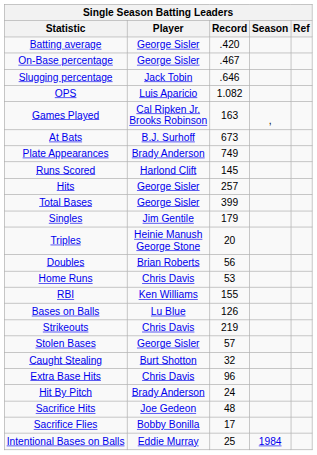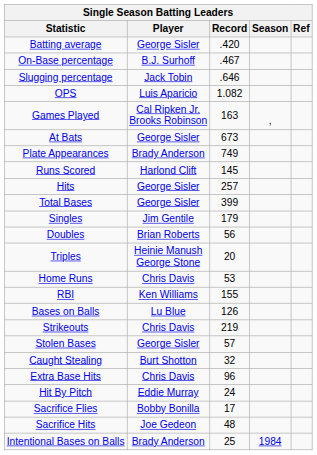 <table class="wikitable sortable" style="text-align:center">
 <tr>
 <th colspan=5>Single Season Batting Leaders</th>
 </tr>
 <tr>
 <th scope="col">Statistic</th>
 <th scope="col">Player</th>
 <th scope="col" class="unsortable">Record</th>
 <th scope="col">Season</th>
 <th scope="col" class="unsortable">Ref</th>
 </tr>
 <tr>
 <td><a href='#'>Batting average</a></td>
 <td><a href='#'>George Sisler</a></td>
 <td>.420</td>
 <td></td>
 <td></td>
 </tr>
 <tr>
 <td><a href='#'>On-Base percentage</a></td>
-<td><a href='#'>George Sisler</a></td>
+<td><a href='#'>B.J. Surhoff</a></td>
 <td>.467</td>
 <td></td>
 <td></td>
 </tr>
 <tr>
 <td><a href='#'>Slugging percentage</a></td>
 <td><a href='#'>Jack Tobin</a></td>
 <td>.646</td>
 <td></td>
 <td></td>
 </tr>
 <tr>
 <td><a href='#'>OPS</a></td>
 <td><a href='#'>Luis Aparicio</a></td>
 <td>1.082</td>
 <td></td>
 <td></td>
 </tr>
 <tr>
 <td><a href='#'>Games Played</a></td>
 <td><a href='#'>Cal Ripken Jr.</a><br><a href='#'>Brooks Robinson</a></td>
 <td>163</td>
 <td><br>, </td>
 <td><br></td>
 </tr>
 <tr>
 <td><a href='#'>At Bats</a></td>
-<td><a href='#'>B.J. Surhoff</a></td>
+<td><a href='#'>George Sisler</a></td>
 <td>673</td>
 <td></td>
 <td></td>
 </tr>
 <tr>
 <td><a href='#'>Plate Appearances</a></td>
 <td><a href='#'>Brady Anderson</a></td>
 <td>749</td>
 <td></td>
 <td></td>
 </tr>
 <tr>
 <td><a href='#'>Runs Scored</a></td>
 <td><a href='#'>Harlond Clift</a></td>
 <td>145</td>
 <td></td>
 <td></td>
 </tr>
 <tr>
 <td><a href='#'>Hits</a></td>
 <td><a href='#'>George Sisler</a></td>
 <td>257</td>
 <td></td>
 <td></td>
 </tr>
 <tr>
 <td><a href='#'>Total Bases</a></td>
 <td><a href='#'>George Sisler</a></td>
 <td>399</td>
 <td></td>
 <td></td>
 </tr>
 <tr>
 <td><a href='#'>Singles</a></td>
 <td><a href='#'>Jim Gentile</a></td>
 <td>179</td>
 <td></td>
 <td></td>
 </tr>
 <tr>
+<td><a href='#'>Doubles</a></td>
+<td><a href='#'>Brian Roberts</a></td>
+<td>56</td>
+<td></td>
+<td></td>
+</tr>
+<tr>
 <td><a href='#'>Triples</a></td>
 <td><a href='#'>Heinie Manush</a><br><a href='#'>George Stone</a></td>
 <td>20</td>
 <td><br></td>
 <td><br></td>
-</tr>
-<tr>
-<td><a href='#'>Doubles</a></td>
-<td><a href='#'>Brian Roberts</a></td>
-<td>56</td>
-<td></td>
-<td></td>
 </tr>
 <tr>
 <td><a href='#'>Home Runs</a></td>
 <td><a href='#'>Chris Davis</a></td>
 <td>53</td>
 <td></td>
 <td></td>
 </tr>
 <tr>
 <td><a href='#'>RBI</a></td>
 <td><a href='#'>Ken Williams</a></td>
 <td>155</td>
 <td></td>
 <td></td>
 </tr>
 <tr>
 <td><a href='#'>Bases on Balls</a></td>
 <td><a href='#'>Lu Blue</a></td>
 <td>126</td>
 <td></td>
 <td></td>
 </tr>
 <tr>
 <td><a href='#'>Strikeouts</a></td>
 <td><a href='#'>Chris Davis</a></td>
 <td>219</td>
 <td></td>
 <td></td>
 </tr>
 <tr>
 <td><a href='#'>Stolen Bases</a></td>
 <td><a href='#'>George Sisler</a></td>
 <td>57</td>
 <td></td>
 <td></td>
 </tr>
 <tr>
 <td><a href='#'>Caught Stealing</a></td>
 <td><a href='#'>Burt Shotton</a></td>
 <td>32</td>
 <td></td>
 <td></td>
 </tr>
 <tr>
 <td><a href='#'>Extra Base Hits</a></td>
 <td><a href='#'>Chris Davis</a></td>
 <td>96</td>
 <td></td>
 <td></td>
 </tr>
 <tr>
 <td><a href='#'>Hit By Pitch</a></td>
-<td><a href='#'>Brady Anderson</a></td>
+<td><a href='#'>Eddie Murray</a></td>
 <td>24</td>
+<td></td>
+<td></td>
+</tr>
+<tr>
+<td><a href='#'>Sacrifice Flies</a></td>
+<td><a href='#'>Bobby Bonilla</a></td>
+<td>17</td>
 <td></td>
 <td></td>
 </tr>
 <tr>
 <td><a href='#'>Sacrifice Hits</a></td>
 <td><a href='#'>Joe Gedeon</a></td>
 <td>48</td>
 <td></td>
 <td></td>
 </tr>
 <tr>
-<td><a href='#'>Sacrifice Flies</a></td>
-<td><a href='#'>Bobby Bonilla</a></td>
-<td>17</td>
-<td></td>
-<td></td>
-</tr>
-<tr>
 <td><a href='#'>Intentional Bases on Balls</a></td>
-<td><a href='#'>Eddie Murray</a></td>
+<td><a href='#'>Brady Anderson</a></td>
 <td>25</td>
 <td><a href='#'>1984</a></td>
 <td></td>
 </tr>
 </table>
